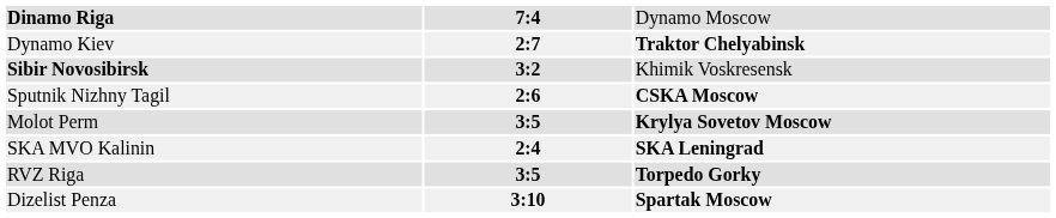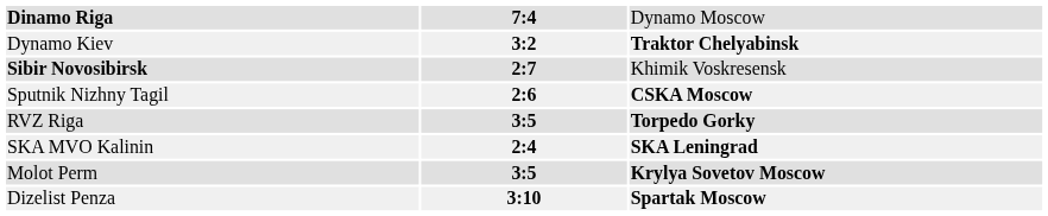 <table width="70%">
 <tr bgcolor="#e0e0e0">
 <td style="width:40%;"><strong>Dinamo Riga</strong></td>
 <th style="width:20%;"><strong>7:4</strong></th>
 <td style="width:40%;">Dynamo Moscow</td>
 </tr>
 <tr bgcolor="#f0f0f0">
 <td>Dynamo Kiev</td>
-<th><strong>2:7</strong></th>
+<th><strong>3:2</strong></th>
 <td><strong>Traktor Chelyabinsk</strong></td>
 </tr>
 <tr bgcolor="#e0e0e0">
 <td><strong>Sibir Novosibirsk</strong></td>
-<th><strong>3:2</strong></th>
+<th><strong>2:7</strong></th>
 <td>Khimik Voskresensk</td>
 </tr>
 <tr bgcolor="#f0f0f0">
 <td>Sputnik Nizhny Tagil</td>
 <td align="center"><strong>2:6</strong></td>
 <td><strong>CSKA Moscow</strong></td>
 </tr>
 <tr bgcolor="#e0e0e0">
-<td>Molot Perm</td>
+<td>RVZ Riga</td>
 <th><strong>3:5</strong></th>
-<td><strong>Krylya Sovetov Moscow</strong></td>
+<td><strong>Torpedo Gorky</strong></td>
 </tr>
 <tr bgcolor="#f0f0f0">
 <td>SKA MVO Kalinin</td>
 <td align="center"><strong>2:4</strong></td>
 <td><strong>SKA Leningrad</strong></td>
 </tr>
 <tr bgcolor="#e0e0e0">
-<td>RVZ Riga</td>
+<td>Molot Perm</td>
 <th><strong>3:5</strong></th>
-<td><strong>Torpedo Gorky</strong></td>
+<td><strong>Krylya Sovetov Moscow</strong></td>
 </tr>
 <tr bgcolor="#f0f0f0">
 <td>Dizelist Penza</td>
 <td align="center"><strong>3:10</strong></td>
 <td><strong>Spartak Moscow</strong></td>
 </tr>
 </table>
